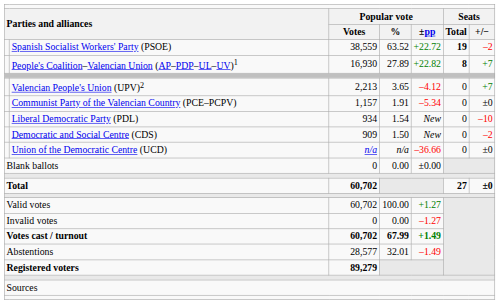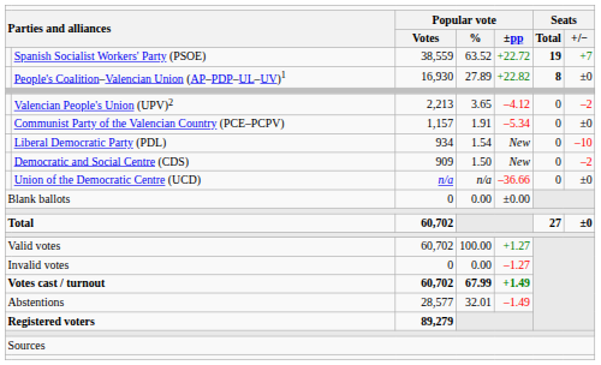 <table class="wikitable" style="text-align:right;">
 <tr>
 <td colspan="7"></td>
 </tr>
 <tr>
 <th style="text-align:left;" rowspan="2" colspan="2" width="525">Parties and alliances</th>
 <th colspan="3">Popular vote</th>
 <th colspan="2">Seats</th>
 </tr>
 <tr>
 <th width="75">Votes</th>
 <th width="45">%</th>
 <th width="45">±<a href='#'>pp</a></th>
 <th width="35">Total</th>
 <th width="35">+/−</th>
 </tr>
 <tr>
 <td width="1" style="color:inherit;background:"></td>
 <td align="left"><a href='#'>Spanish Socialist Workers' Party</a> (PSOE)</td>
 <td>38,559</td>
 <td>63.52</td>
 <td style="color:green;">+22.72</td>
 <td><strong>19</strong></td>
-<td style="color:red;">–2</td>
+<td style="color:green;">+7</td>
 </tr>
 <tr>
 <td style="color:inherit;background:"></td>
 <td align="left"><a href='#'>People's Coalition</a>–<a href='#'>Valencian Union</a> (<a href='#'>AP</a>–<a href='#'>PDP</a>–<a href='#'>UL</a>–<a href='#'>UV</a>)<sup>1</sup></td>
 <td>16,930</td>
 <td>27.89</td>
 <td style="color:green;">+22.82</td>
 <td><strong>8</strong></td>
-<td style="color:green;">+7</td>
+<td>±0</td>
 </tr>
 <tr>
 <td colspan="7" bgcolor="#C0C0C0"></td>
 </tr>
 <tr>
 <td style="color:inherit;background:"></td>
 <td align="left"><a href='#'>Valencian People's Union</a> (UPV)<sup>2</sup></td>
 <td>2,213</td>
 <td>3.65</td>
 <td style="color:red;">–4.12</td>
 <td>0</td>
-<td style="color:green;">+7</td>
+<td style="color:red;">–2</td>
 </tr>
 <tr>
 <td style="color:inherit;background:"></td>
 <td align="left"><a href='#'>Communist Party of the Valencian Country</a> (PCE–PCPV)</td>
 <td>1,157</td>
 <td>1.91</td>
 <td style="color:red;">–5.34</td>
 <td>0</td>
 <td>±0</td>
 </tr>
 <tr>
 <td style="color:inherit;background:"></td>
 <td align="left"><a href='#'>Liberal Democratic Party</a> (PDL)</td>
 <td>934</td>
 <td>1.54</td>
 <td><em>New</em></td>
 <td>0</td>
 <td style="color:red;">–10</td>
 </tr>
 <tr>
 <td style="color:inherit;background:"></td>
 <td align="left"><a href='#'>Democratic and Social Centre</a> (CDS)</td>
 <td>909</td>
 <td>1.50</td>
 <td><em>New</em></td>
 <td>0</td>
 <td style="color:red;">–2</td>
 </tr>
 <tr>
 <td style="color:inherit;background:"></td>
 <td align="left"><a href='#'>Union of the Democratic Centre</a> (UCD)</td>
 <td><em><a href='#'>n/a</a></em></td>
 <td><em>n/a</em></td>
 <td style="color:red;">–36.66</td>
 <td>0</td>
 <td>±0</td>
 </tr>
 <tr>
 <td align="left" colspan="2">Blank ballots</td>
 <td>0</td>
 <td>0.00</td>
 <td>±0.00</td>
 <td bgcolor="#E9E9E9" colspan="2"></td>
 </tr>
 <tr>
 <td colspan="7" bgcolor="#E9E9E9"></td>
 </tr>
 <tr style="font-weight:bold;">
 <td align="left" colspan="2">Total</td>
 <td>60,702</td>
 <td bgcolor="#E9E9E9" colspan="2"></td>
 <td>27</td>
 <td>±0</td>
 </tr>
 <tr>
 <td colspan="7" bgcolor="#E9E9E9"></td>
 </tr>
 <tr>
 <td align="left" colspan="2">Valid votes</td>
 <td>60,702</td>
 <td>100.00</td>
 <td style="color:green;">+1.27</td>
 <td bgcolor="#E9E9E9" colspan="2" rowspan="5"></td>
 </tr>
 <tr>
 <td align="left" colspan="2">Invalid votes</td>
 <td>0</td>
 <td>0.00</td>
 <td style="color:red;">–1.27</td>
 </tr>
 <tr style="font-weight:bold;">
 <td align="left" colspan="2">Votes cast / turnout</td>
 <td>60,702</td>
 <td>67.99</td>
 <td style="color:green;">+1.49</td>
 </tr>
 <tr>
 <td align="left" colspan="2">Abstentions</td>
 <td>28,577</td>
 <td>32.01</td>
 <td style="color:red;">–1.49</td>
 </tr>
 <tr style="font-weight:bold;">
 <td align="left" colspan="2">Registered voters</td>
 <td>89,279</td>
 <td bgcolor="#E9E9E9" colspan="2"></td>
 </tr>
 <tr>
 <td colspan="7" bgcolor="#E9E9E9"></td>
 </tr>
 <tr>
 <td align="left" colspan="7">Sources</td>
 </tr>
 <tr>
 <td colspan="7" style="text-align:left; max-width:790px;"></td>
 </tr>
 </table>
